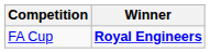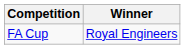 <table class="wikitable">
 <tr>
 <th>Competition</th>
 <th>Winner</th>
 </tr>
 <tr>
 <td><a href='#'>FA Cup</a></td>
-<td><strong><a href='#'>Royal Engineers</a></strong></td>
+<td><a href='#'>Royal Engineers</a></td>
 </tr>
 </table>
